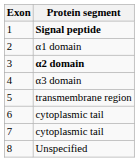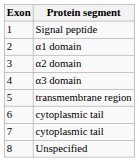 <table class="wikitable">
 <tr>
 <th>Exon</th>
 <th>Protein segment</th>
 </tr>
 <tr>
 <td>1</td>
-<td><strong>Signal peptide</strong></td>
+<td>Signal peptide</td>
 </tr>
 <tr>
 <td>2</td>
 <td>α1 domain</td>
 </tr>
 <tr>
 <td>3</td>
-<td><strong>α2 domain</strong></td>
+<td>α2 domain</td>
 </tr>
 <tr>
 <td>4</td>
 <td>α3 domain</td>
 </tr>
 <tr>
 <td>5</td>
 <td>transmembrane region</td>
 </tr>
 <tr>
 <td>6</td>
 <td>cytoplasmic tail</td>
 </tr>
 <tr>
 <td>7</td>
 <td>cytoplasmic tail</td>
 </tr>
 <tr>
 <td>8</td>
 <td>Unspecified</td>
 </tr>
 </table>
